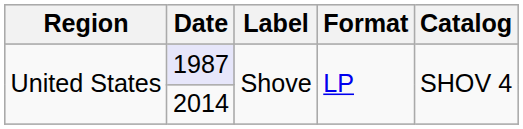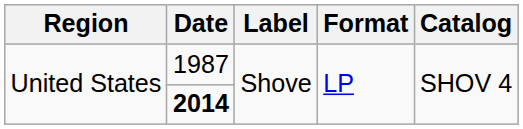 <table class="wikitable">
 <tr>
 <th>Region</th>
 <th>Date</th>
 <th>Label</th>
 <th>Format</th>
 <th>Catalog</th>
 </tr>
 <tr>
 <td rowspan="2">United States</td>
-<td style="background: lavender;">1987</td>
+<td>1987</td>
 <td rowspan="2">Shove</td>
 <td rowspan="2"><a href='#'>LP</a></td>
 <td rowspan="2">SHOV 4</td>
 </tr>
 <tr>
-<td>2014</td>
+<td><strong>2014</strong></td>
 </tr>
 </table>
